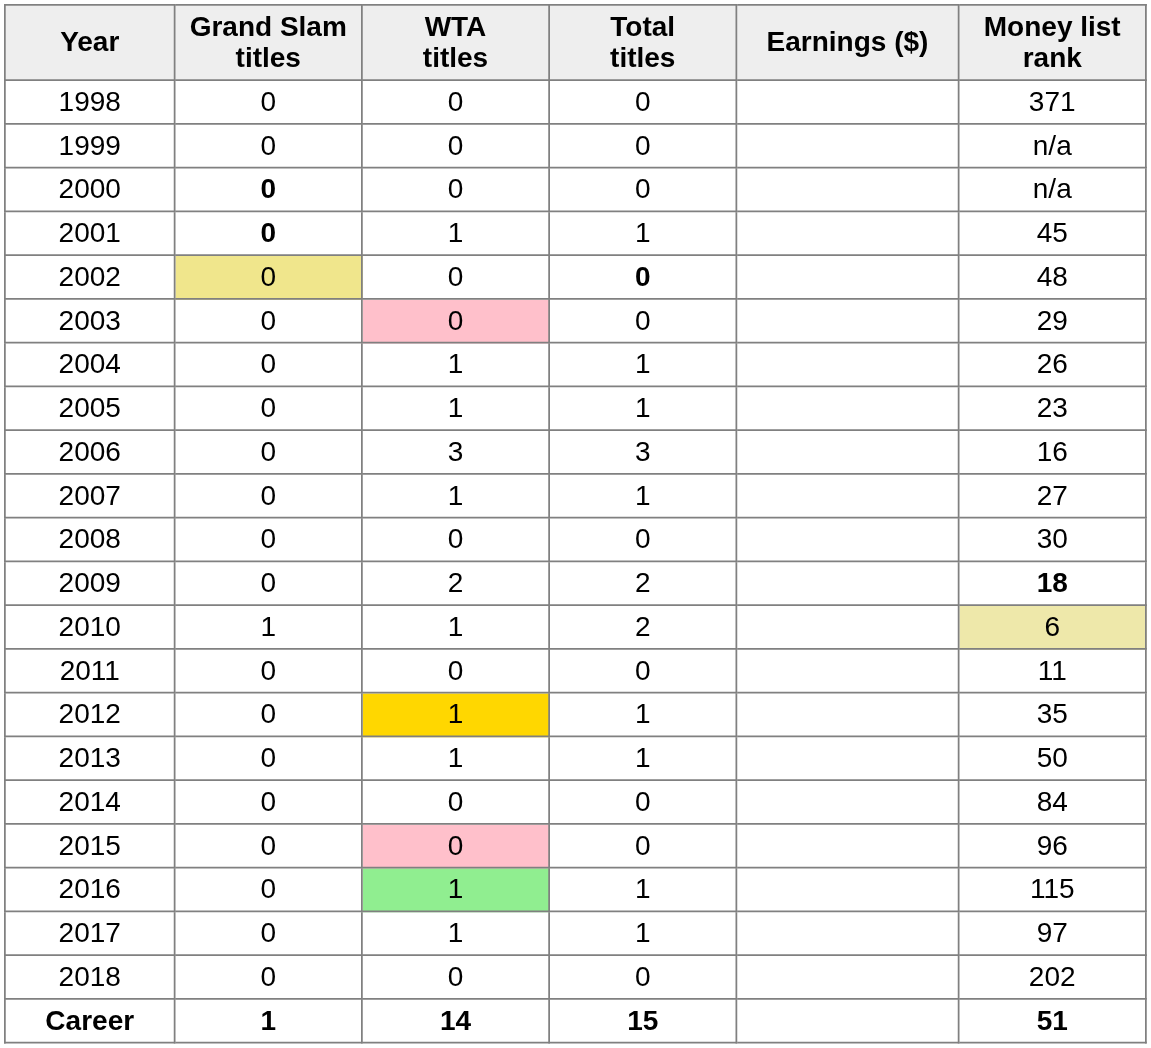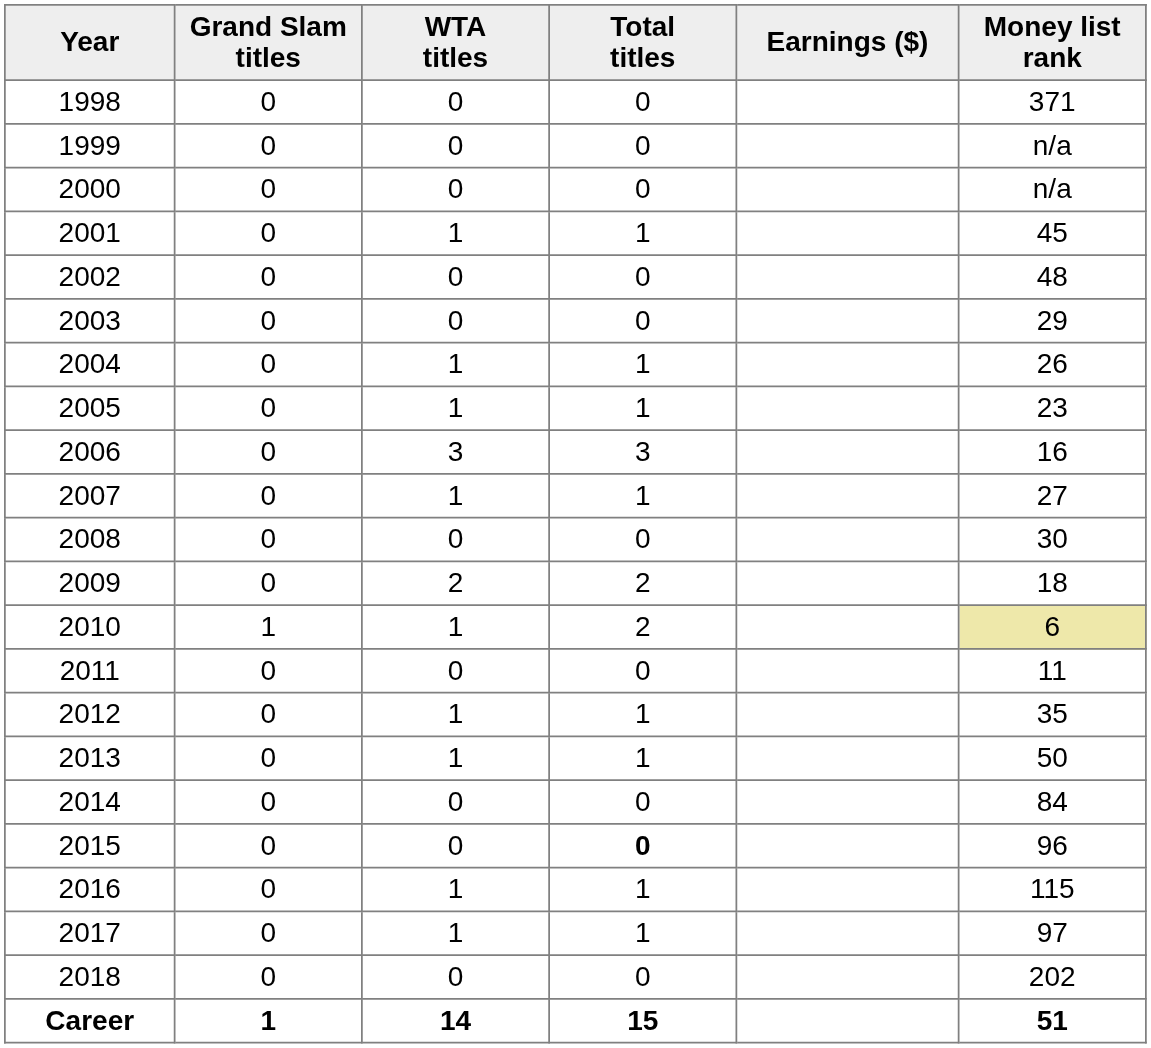 <table cellpadding=3 cellspacing=0 border=1 border="#aaa" style="solid:1px; border-collapse:collapse; text-align:center">
 <tr style=background:#eee;font-weight:bold>
 <td width="90">Year</td>
 <td width="100">Grand Slam <br>titles<strong></strong></td>
 <td width="100">WTA <br>titles</td>
 <td width="100">Total <br>titles</td>
 <td width="120">Earnings ($)</td>
 <td width="100">Money list rank</td>
 </tr>
 <tr>
 <td>1998</td>
 <td>0</td>
 <td>0</td>
 <td>0</td>
 <td align=right></td>
 <td>371</td>
 </tr>
 <tr>
 <td>1999</td>
 <td>0</td>
 <td>0</td>
 <td>0</td>
 <td align=right></td>
 <td>n/a</td>
 </tr>
 <tr>
 <td>2000</td>
-<td><strong>0</strong></td>
+<td>0</td>
 <td>0</td>
 <td>0</td>
 <td align=right></td>
 <td>n/a</td>
 </tr>
 <tr>
 <td>2001</td>
-<td><strong>0</strong></td>
+<td>0</td>
 <td>1</td>
 <td>1</td>
 <td align="right"></td>
 <td>45</td>
 </tr>
 <tr>
 <td>2002</td>
-<td style="background: khaki;">0</td>
 <td>0</td>
-<td><strong>0</strong></td>
+<td>0</td>
+<td>0</td>
 <td align="right"></td>
 <td>48</td>
 </tr>
 <tr>
 <td>2003</td>
 <td>0</td>
-<td style="background: pink;">0</td>
+<td>0</td>
 <td>0</td>
 <td align="right"></td>
 <td>29</td>
 </tr>
 <tr>
 <td>2004</td>
 <td>0</td>
 <td>1</td>
 <td>1</td>
 <td align="right"></td>
 <td>26</td>
 </tr>
 <tr>
 <td>2005</td>
 <td>0</td>
 <td>1</td>
 <td>1</td>
 <td align="right"></td>
 <td>23</td>
 </tr>
 <tr>
 <td>2006</td>
 <td>0</td>
 <td>3</td>
 <td>3</td>
 <td align="right"></td>
 <td>16</td>
 </tr>
 <tr>
 <td>2007</td>
 <td>0</td>
 <td>1</td>
 <td>1</td>
 <td align="right"></td>
 <td>27</td>
 </tr>
 <tr>
 <td>2008</td>
 <td>0</td>
 <td>0</td>
 <td>0</td>
 <td align="right"></td>
 <td>30</td>
 </tr>
 <tr>
 <td>2009</td>
 <td>0</td>
 <td>2</td>
 <td>2</td>
 <td align="right"></td>
-<td><strong>18</strong></td>
+<td>18</td>
 </tr>
 <tr>
 <td>2010</td>
 <td>1</td>
 <td>1</td>
 <td>2</td>
 <td align="right"></td>
 <td align="center" bgcolor="eee8aa">6</td>
 </tr>
 <tr>
 <td>2011</td>
 <td>0</td>
 <td>0</td>
 <td>0</td>
 <td align="right"></td>
 <td>11</td>
 </tr>
 <tr>
 <td>2012</td>
 <td>0</td>
-<td style="background: gold;">1</td>
+<td>1</td>
 <td>1</td>
 <td align="right"></td>
 <td>35</td>
 </tr>
 <tr>
 <td>2013</td>
 <td>0</td>
 <td>1</td>
 <td>1</td>
 <td align="right"></td>
 <td>50</td>
 </tr>
 <tr>
 <td>2014</td>
 <td>0</td>
 <td>0</td>
 <td>0</td>
 <td align="right"></td>
 <td>84</td>
 </tr>
 <tr>
 <td>2015</td>
 <td>0</td>
-<td style="background: pink;">0</td>
 <td>0</td>
+<td><strong>0</strong></td>
 <td align="right"></td>
 <td>96</td>
 </tr>
 <tr>
 <td>2016</td>
 <td>0</td>
-<td style="background: lightgreen;">1</td>
+<td>1</td>
 <td>1</td>
 <td align="right"></td>
 <td>115</td>
 </tr>
 <tr>
 <td>2017</td>
 <td>0</td>
 <td>1</td>
 <td>1</td>
 <td align=right></td>
 <td>97</td>
 </tr>
 <tr>
 <td>2018</td>
 <td>0</td>
 <td>0</td>
 <td>0</td>
 <td align=right></td>
 <td>202</td>
 </tr>
 <tr style=font-weight:bold>
 <td>Career</td>
 <td>1</td>
 <td>14</td>
 <td>15</td>
 <td align=right></td>
 <td>51</td>
 </tr>
 </table>
